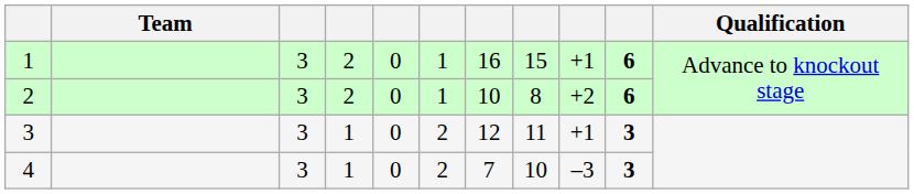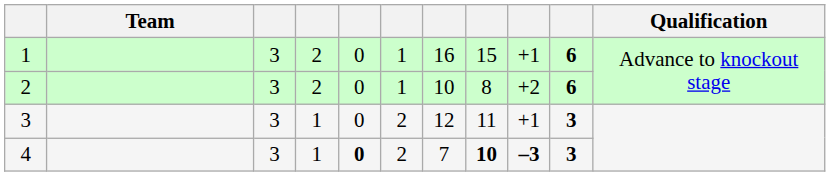 <table class="wikitable" style="text-align: center;">
 <tr>
 <th width="25"></th>
 <th width="150">Team</th>
 <th width="25"></th>
 <th width="25"></th>
 <th width="25"></th>
 <th width="25"></th>
 <th width="25"></th>
 <th width="25"></th>
 <th width="25"></th>
 <th width="25"></th>
 <th width="170">Qualification</th>
 </tr>
 <tr align=center style="background:#ccffcc;">
 <td>1</td>
 <td style="text-align:left;"></td>
 <td>3</td>
 <td>2</td>
 <td>0</td>
 <td>1</td>
 <td>16</td>
 <td>15</td>
 <td>+1</td>
 <td><strong>6</strong></td>
 <td rowspan="2">Advance to <a href='#'>knockout stage</a></td>
 </tr>
 <tr align=center style="background:#ccffcc;">
 <td>2</td>
 <td style="text-align:left;"></td>
 <td>3</td>
 <td>2</td>
 <td>0</td>
 <td>1</td>
 <td>10</td>
 <td>8</td>
 <td>+2</td>
 <td><strong>6</strong></td>
 </tr>
 <tr align=center style="background:#f5f5f5;">
 <td>3</td>
 <td style="text-align:left;"></td>
 <td>3</td>
 <td>1</td>
 <td>0</td>
 <td>2</td>
 <td>12</td>
 <td>11</td>
 <td>+1</td>
 <td><strong>3</strong></td>
 <td rowspan="2"></td>
 </tr>
 <tr align=center style="background:#f5f5f5;">
 <td>4</td>
 <td style="text-align:left;"></td>
 <td>3</td>
 <td>1</td>
-<td>0</td>
+<td><strong>0</strong></td>
 <td>2</td>
 <td>7</td>
-<td>10</td>
-<td>–3</td>
+<td><strong>10</strong></td>
+<td><strong>–3</strong></td>
 <td><strong>3</strong></td>
 </tr>
 </table>
